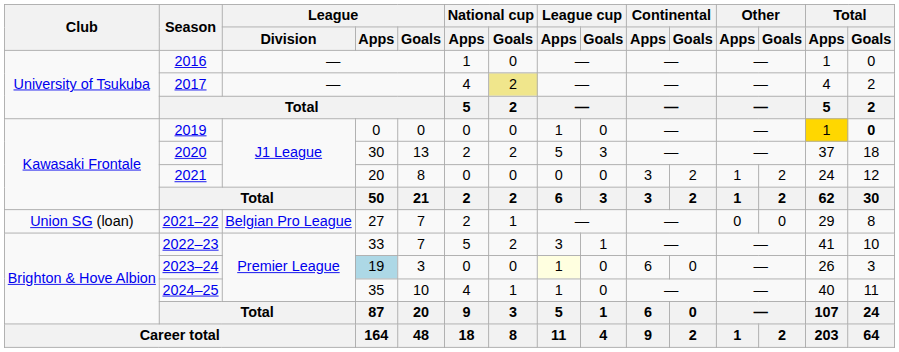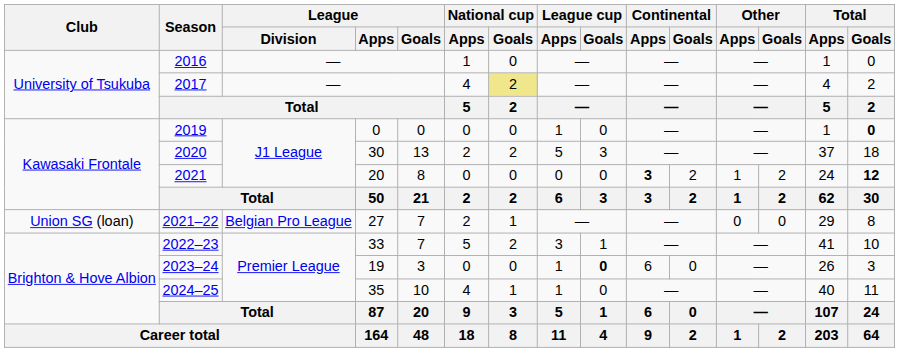 <table class="wikitable" style="text-align:center">
 <tr>
 <th rowspan="2">Club</th>
 <th rowspan="2">Season</th>
 <th colspan="3">League</th>
 <th colspan="2">National cup</th>
 <th colspan="2">League cup</th>
 <th colspan="2">Continental</th>
 <th colspan="2">Other</th>
 <th colspan="2">Total</th>
 </tr>
 <tr>
 <th>Division</th>
 <th>Apps</th>
 <th>Goals</th>
 <th>Apps</th>
 <th>Goals</th>
 <th>Apps</th>
 <th>Goals</th>
 <th>Apps</th>
 <th>Goals</th>
 <th>Apps</th>
 <th>Goals</th>
 <th>Apps</th>
 <th>Goals</th>
 </tr>
 <tr>
 <td rowspan="3"><a href='#'>University of Tsukuba</a></td>
 <td><a href='#'>2016</a></td>
 <td colspan="3">—</td>
 <td>1</td>
 <td>0</td>
 <td colspan="2">—</td>
 <td colspan="2">—</td>
 <td colspan="2">—</td>
 <td>1</td>
 <td>0</td>
 </tr>
 <tr>
 <td><a href='#'>2017</a></td>
 <td colspan="3">—</td>
 <td>4</td>
 <td style="background: khaki;">2</td>
 <td colspan="2">—</td>
 <td colspan="2">—</td>
 <td colspan="2">—</td>
 <td>4</td>
 <td>2</td>
 </tr>
 <tr>
 <th colspan="4">Total</th>
 <th>5</th>
 <th>2</th>
 <th colspan="2">—</th>
 <th colspan="2">—</th>
 <th colspan="2">—</th>
 <th>5</th>
 <th>2</th>
 </tr>
 <tr>
 <td rowspan="4"><a href='#'>Kawasaki Frontale</a></td>
 <td><a href='#'>2019</a></td>
 <td rowspan="3"><a href='#'>J1 League</a></td>
 <td>0</td>
 <td>0</td>
 <td>0</td>
 <td>0</td>
 <td>1</td>
 <td>0</td>
 <td colspan="2">—</td>
 <td colspan="2">—</td>
-<td style="background: gold;">1</td>
+<td>1</td>
 <td><strong>0</strong></td>
 </tr>
 <tr>
 <td><a href='#'>2020</a></td>
 <td>30</td>
 <td>13</td>
 <td>2</td>
 <td>2</td>
 <td>5</td>
 <td>3</td>
 <td colspan="2">—</td>
 <td colspan="2">—</td>
 <td>37</td>
 <td>18</td>
 </tr>
 <tr>
 <td><a href='#'>2021</a></td>
 <td>20</td>
 <td>8</td>
 <td>0</td>
 <td>0</td>
 <td>0</td>
 <td>0</td>
-<td>3</td>
+<td><strong>3</strong></td>
 <td>2</td>
 <td>1</td>
 <td>2</td>
 <td>24</td>
-<td>12</td>
+<td><strong>12</strong></td>
 </tr>
 <tr>
 <th colspan="2">Total</th>
 <th>50</th>
 <th>21</th>
 <th>2</th>
 <th>2</th>
 <th>6</th>
 <th>3</th>
 <th>3</th>
 <th>2</th>
 <th>1</th>
 <th>2</th>
 <th>62</th>
 <th>30</th>
 </tr>
 <tr>
 <td><a href='#'>Union SG</a> (loan)</td>
 <td><a href='#'>2021–22</a></td>
 <td><a href='#'>Belgian Pro League</a></td>
 <td>27</td>
 <td>7</td>
 <td>2</td>
 <td>1</td>
 <td colspan="2">—</td>
 <td colspan="2">—</td>
 <td>0</td>
 <td>0</td>
 <td>29</td>
 <td>8</td>
 </tr>
 <tr>
 <td rowspan="4"><a href='#'>Brighton & Hove Albion</a></td>
 <td><a href='#'>2022–23</a></td>
 <td rowspan="3"><a href='#'>Premier League</a></td>
 <td>33</td>
 <td>7</td>
 <td>5</td>
 <td>2</td>
 <td>3</td>
 <td>1</td>
 <td colspan="2">—</td>
 <td colspan="2">—</td>
 <td>41</td>
 <td>10</td>
 </tr>
 <tr>
 <td><a href='#'>2023–24</a></td>
-<td style="background: lightblue;">19</td>
+<td>19</td>
 <td>3</td>
 <td>0</td>
 <td>0</td>
-<td style="background: lightyellow;">1</td>
-<td>0</td>
+<td>1</td>
+<td><strong>0</strong></td>
 <td>6</td>
 <td>0</td>
 <td colspan="2">—</td>
 <td>26</td>
 <td>3</td>
 </tr>
 <tr>
 <td><a href='#'>2024–25</a></td>
 <td>35</td>
 <td>10</td>
 <td>4</td>
 <td>1</td>
 <td>1</td>
 <td>0</td>
 <td colspan="2">—</td>
 <td colspan="2">—</td>
 <td>40</td>
 <td>11</td>
 </tr>
 <tr>
 <th colspan="2">Total</th>
 <th>87</th>
 <th>20</th>
 <th>9</th>
 <th>3</th>
 <th>5</th>
 <th>1</th>
 <th>6</th>
 <th>0</th>
 <th colspan="2">—</th>
 <th>107</th>
 <th>24</th>
 </tr>
 <tr>
 <th colspan="3">Career total</th>
 <th>164</th>
 <th>48</th>
 <th>18</th>
 <th>8</th>
 <th>11</th>
 <th>4</th>
 <th>9</th>
 <th>2</th>
 <th>1</th>
 <th>2</th>
 <th>203</th>
 <th>64</th>
 </tr>
 </table>
